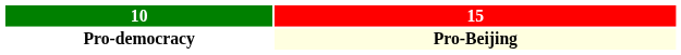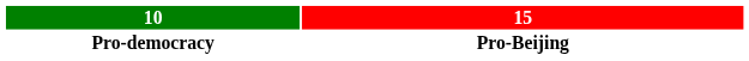 <table style="width:50%; text-align:center;">
 <tr style="color:white;">
 <td style="background:green; width:40%;"><strong>10</strong></td>
 <td style="background:red; width:60%;"><strong>15</strong></td>
 </tr>
 <tr>
 <td><span><strong>Pro-democracy</strong></span></td>
-<td style="background: lightyellow;"><span><strong>Pro-Beijing</strong></span></td>
+<td><span><strong>Pro-Beijing</strong></span></td>
 </tr>
 </table>
